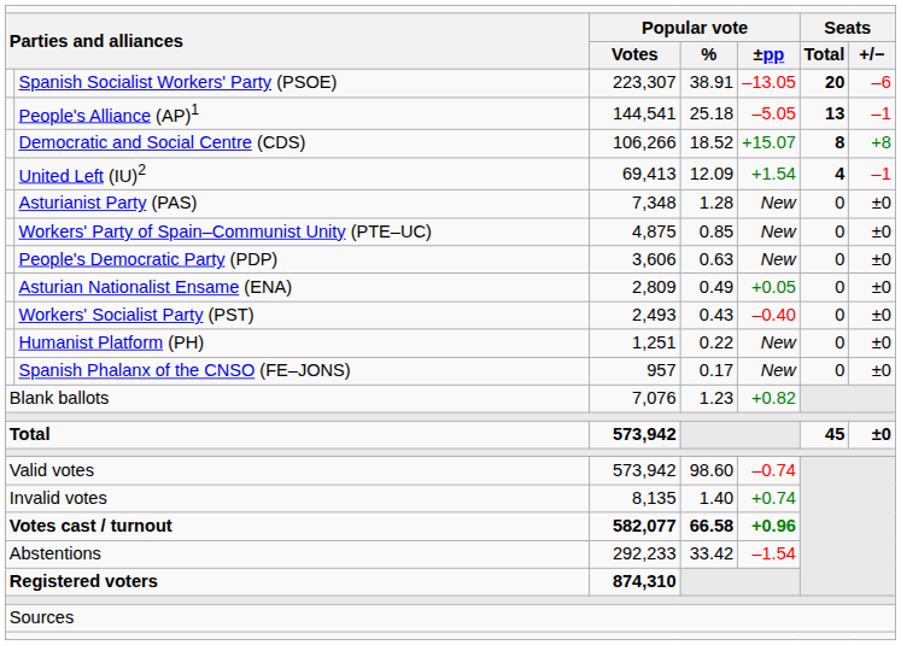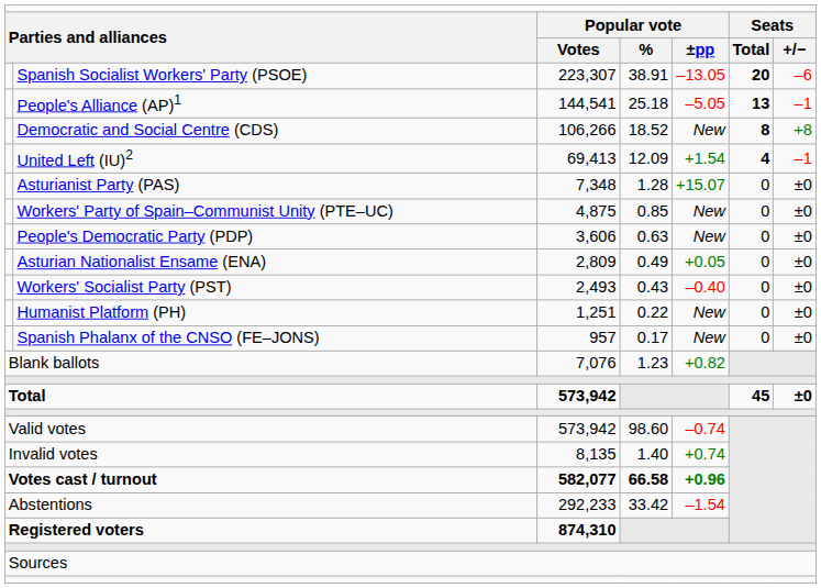 <table class="wikitable" style="text-align:right;">
 <tr>
 <td colspan="7"></td>
 </tr>
 <tr>
 <th style="text-align:left;" rowspan="2" colspan="2" width="525">Parties and alliances</th>
 <th colspan="3">Popular vote</th>
 <th colspan="2">Seats</th>
 </tr>
 <tr>
 <th width="75">Votes</th>
 <th width="45">%</th>
 <th width="45">±<a href='#'>pp</a></th>
 <th width="35">Total</th>
 <th width="35">+/−</th>
 </tr>
 <tr>
 <td width="1" style="color:inherit;background:"></td>
 <td align="left"><a href='#'>Spanish Socialist Workers' Party</a> (PSOE)</td>
 <td>223,307</td>
 <td>38.91</td>
 <td style="color:red;">–13.05</td>
 <td><strong>20</strong></td>
 <td style="color:red;">–6</td>
 </tr>
 <tr>
 <td style="color:inherit;background:"></td>
 <td align="left"><a href='#'>People's Alliance</a> (AP)<sup>1</sup></td>
 <td>144,541</td>
 <td>25.18</td>
 <td style="color:red;">–5.05</td>
 <td><strong>13</strong></td>
 <td style="color:red;">–1</td>
 </tr>
 <tr>
 <td style="color:inherit;background:"></td>
 <td align="left"><a href='#'>Democratic and Social Centre</a> (CDS)</td>
 <td>106,266</td>
 <td>18.52</td>
-<td style="color:green;">+15.07</td>
+<td><em>New</em></td>
 <td><strong>8</strong></td>
 <td style="color:green;">+8</td>
 </tr>
 <tr>
 <td style="color:inherit;background:"></td>
 <td align="left"><a href='#'>United Left</a> (IU)<sup>2</sup></td>
 <td>69,413</td>
 <td>12.09</td>
 <td style="color:green;">+1.54</td>
 <td><strong>4</strong></td>
 <td style="color:red;">–1</td>
 </tr>
 <tr>
 <td style="color:inherit;background:"></td>
 <td align="left"><a href='#'>Asturianist Party</a> (PAS)</td>
 <td>7,348</td>
 <td>1.28</td>
-<td><em>New</em></td>
+<td style="color:green;">+15.07</td>
 <td>0</td>
 <td>±0</td>
 </tr>
 <tr>
 <td style="color:inherit;background:"></td>
 <td align="left"><a href='#'>Workers' Party of Spain–Communist Unity</a> (PTE–UC)</td>
 <td>4,875</td>
 <td>0.85</td>
 <td><em>New</em></td>
 <td>0</td>
 <td>±0</td>
 </tr>
 <tr>
 <td style="color:inherit;background:"></td>
 <td align="left"><a href='#'>People's Democratic Party</a> (PDP)</td>
 <td>3,606</td>
 <td>0.63</td>
 <td><em>New</em></td>
 <td>0</td>
 <td>±0</td>
 </tr>
 <tr>
 <td style="color:inherit;background:"></td>
 <td align="left"><a href='#'>Asturian Nationalist Ensame</a> (ENA)</td>
 <td>2,809</td>
 <td>0.49</td>
 <td style="color:green;">+0.05</td>
 <td>0</td>
 <td>±0</td>
 </tr>
 <tr>
 <td style="color:inherit;background:"></td>
 <td align="left"><a href='#'>Workers' Socialist Party</a> (PST)</td>
 <td>2,493</td>
 <td>0.43</td>
 <td style="color:red;">–0.40</td>
 <td>0</td>
 <td>±0</td>
 </tr>
 <tr>
 <td style="color:inherit;background:"></td>
 <td align="left"><a href='#'>Humanist Platform</a> (PH)</td>
 <td>1,251</td>
 <td>0.22</td>
 <td><em>New</em></td>
 <td>0</td>
 <td>±0</td>
 </tr>
 <tr>
 <td style="color:inherit;background:"></td>
 <td align="left"><a href='#'>Spanish Phalanx of the CNSO</a> (FE–JONS)</td>
 <td>957</td>
 <td>0.17</td>
 <td><em>New</em></td>
 <td>0</td>
 <td>±0</td>
 </tr>
 <tr>
 <td align="left" colspan="2">Blank ballots</td>
 <td>7,076</td>
 <td>1.23</td>
 <td style="color:green;">+0.82</td>
 <td bgcolor="#E9E9E9" colspan="2"></td>
 </tr>
 <tr>
 <td colspan="7" bgcolor="#E9E9E9"></td>
 </tr>
 <tr style="font-weight:bold;">
 <td align="left" colspan="2">Total</td>
 <td>573,942</td>
 <td bgcolor="#E9E9E9" colspan="2"></td>
 <td>45</td>
 <td>±0</td>
 </tr>
 <tr>
 <td colspan="7" bgcolor="#E9E9E9"></td>
 </tr>
 <tr>
 <td align="left" colspan="2">Valid votes</td>
 <td>573,942</td>
 <td>98.60</td>
 <td style="color:red;">–0.74</td>
 <td bgcolor="#E9E9E9" colspan="2" rowspan="5"></td>
 </tr>
 <tr>
 <td align="left" colspan="2">Invalid votes</td>
 <td>8,135</td>
 <td>1.40</td>
 <td style="color:green;">+0.74</td>
 </tr>
 <tr style="font-weight:bold;">
 <td align="left" colspan="2">Votes cast / turnout</td>
 <td>582,077</td>
 <td>66.58</td>
 <td style="color:green;">+0.96</td>
 </tr>
 <tr>
 <td align="left" colspan="2">Abstentions</td>
 <td>292,233</td>
 <td>33.42</td>
 <td style="color:red;">–1.54</td>
 </tr>
 <tr style="font-weight:bold;">
 <td align="left" colspan="2">Registered voters</td>
 <td>874,310</td>
 <td bgcolor="#E9E9E9" colspan="2"></td>
 </tr>
 <tr>
 <td colspan="7" bgcolor="#E9E9E9"></td>
 </tr>
 <tr>
 <td align="left" colspan="7">Sources</td>
 </tr>
 <tr>
 <td colspan="7" style="text-align:left; max-width:790px;"></td>
 </tr>
 </table>
